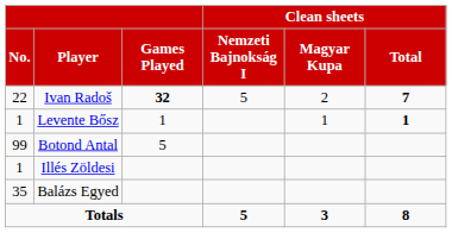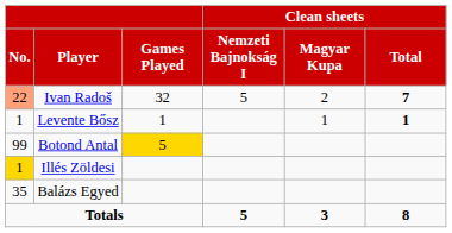 <table class="wikitable sortable alternance" style="text-align:center">
 <tr>
 <th colspan="3" style="background:#CD0001"></th>
 <th colspan="4" style="background:#CD0001;color:white">Clean sheets</th>
 </tr>
 <tr>
 <th style="background-color:#CD0001;color:white">No.</th>
 <th style="background-color:#CD0001;color:white">Player</th>
 <th width=80 style="background-color:#CD0001;color:white">Games Played</th>
 <th width=80 style="background-color:#CD0001;color:white">Nemzeti Bajnokság I</th>
 <th width=80 style="background-color:#CD0001;color:white">Magyar Kupa</th>
 <th width=80 style="background-color:#CD0001;color:white">Total</th>
 </tr>
 <tr>
-<td>22</td>
+<td style="background: lightsalmon;">22</td>
 <td> <a href='#'>Ivan Radoš</a></td>
-<td><strong>32</strong></td>
+<td>32</td>
 <td>5</td>
 <td>2</td>
 <td><strong>7</strong></td>
 </tr>
 <tr>
 <td>1</td>
 <td> <a href='#'>Levente Bősz</a></td>
 <td>1</td>
 <td></td>
 <td>1</td>
 <td><strong>1</strong></td>
 </tr>
 <tr>
 <td>99</td>
 <td> <a href='#'>Botond Antal</a></td>
-<td>5</td>
+<td style="background: gold;">5</td>
 <td></td>
 <td></td>
 <td></td>
 </tr>
 <tr>
-<td>1</td>
+<td style="background: gold;">1</td>
 <td> <a href='#'>Illés Zöldesi</a></td>
 <td></td>
 <td></td>
 <td></td>
 <td></td>
 </tr>
 <tr>
 <td>35</td>
 <td> Balázs Egyed</td>
 <td></td>
 <td></td>
 <td></td>
 <td></td>
 </tr>
 <tr class="sortbottom">
 <td colspan="3"><strong>Totals</strong></td>
 <td><strong>5</strong></td>
 <td><strong>3</strong></td>
 <td><strong>8</strong></td>
 </tr>
 </table>
